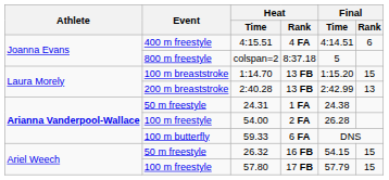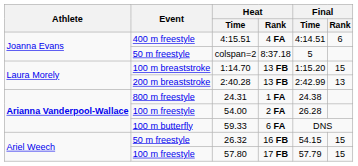 <table class=wikitable style="font-size:90%">
 <tr>
 <th rowspan="2">Athlete</th>
 <th rowspan="2">Event</th>
 <th colspan="2">Heat</th>
 <th colspan="2">Final</th>
 </tr>
 <tr style="font-size:95%">
 <th>Time</th>
 <th>Rank</th>
 <th>Time</th>
 <th>Rank</th>
 </tr>
 <tr align=center>
 <td align=left rowspan="2"><a href='#'>Joanna Evans</a></td>
 <td align=left><a href='#'>400 m freestyle</a></td>
 <td>4:15.51</td>
 <td>4 <strong>FA</strong></td>
 <td>4:14.51</td>
 <td>6</td>
 </tr>
 <tr align=center>
-<td align=left><a href='#'>800 m freestyle</a></td>
+<td align=left><a href='#'>50 m freestyle</a></td>
 <td>colspan=2 </td>
 <td>8:37.18</td>
 <td>5</td>
 </tr>
 <tr align=center>
 <td align=left rowspan="2"><a href='#'>Laura Morely</a></td>
 <td align=left><a href='#'>100 m breaststroke</a></td>
 <td>1:14.70</td>
 <td>13 <strong>FB</strong></td>
 <td>1:15.20</td>
 <td>15</td>
 </tr>
 <tr align=center>
 <td align=left><a href='#'>200 m breaststroke</a></td>
 <td>2:40.28</td>
 <td>13 <strong>FB</strong></td>
 <td>2:42.99</td>
 <td>13</td>
 </tr>
 <tr align=center>
 <td align=left rowspan="3"><strong><a href='#'>Arianna Vanderpool-Wallace</a></strong></td>
-<td align=left><a href='#'>50 m freestyle</a></td>
+<td align=left><a href='#'>800 m freestyle</a></td>
 <td>24.31</td>
 <td>1 <strong>FA</strong></td>
 <td>24.38</td>
 <td></td>
 </tr>
 <tr align=center>
 <td align=left><a href='#'>100 m freestyle</a></td>
 <td>54.00</td>
 <td>2 <strong>FA</strong></td>
 <td>26.28</td>
 <td></td>
 </tr>
 <tr align=center>
 <td align=left><a href='#'>100 m butterfly</a></td>
 <td>59.33</td>
 <td>6 <strong>FA</strong></td>
 <td colspan="2">DNS</td>
 </tr>
 <tr align=center>
 <td align=left rowspan="2"><a href='#'>Ariel Weech</a></td>
 <td align=left><a href='#'>50 m freestyle</a></td>
 <td>26.32</td>
 <td>16 <strong>FB</strong></td>
 <td>54.15</td>
 <td>15</td>
 </tr>
 <tr align=center>
 <td align=left><a href='#'>100 m freestyle</a></td>
 <td>57.80</td>
 <td>17 <strong>FB</strong></td>
 <td>57.79</td>
 <td>15</td>
 </tr>
 </table>
